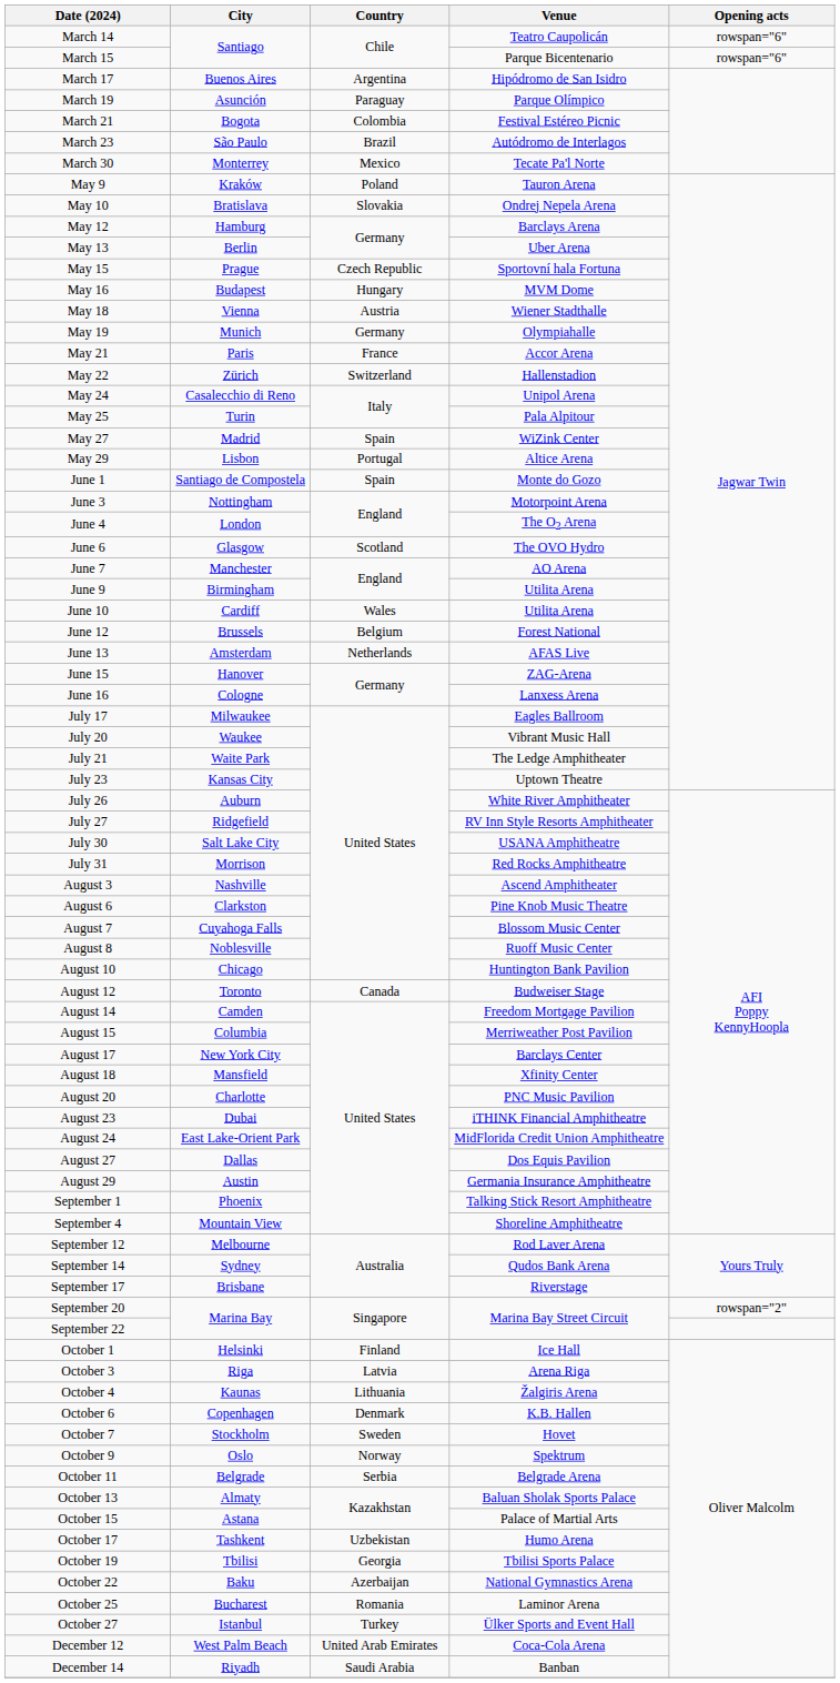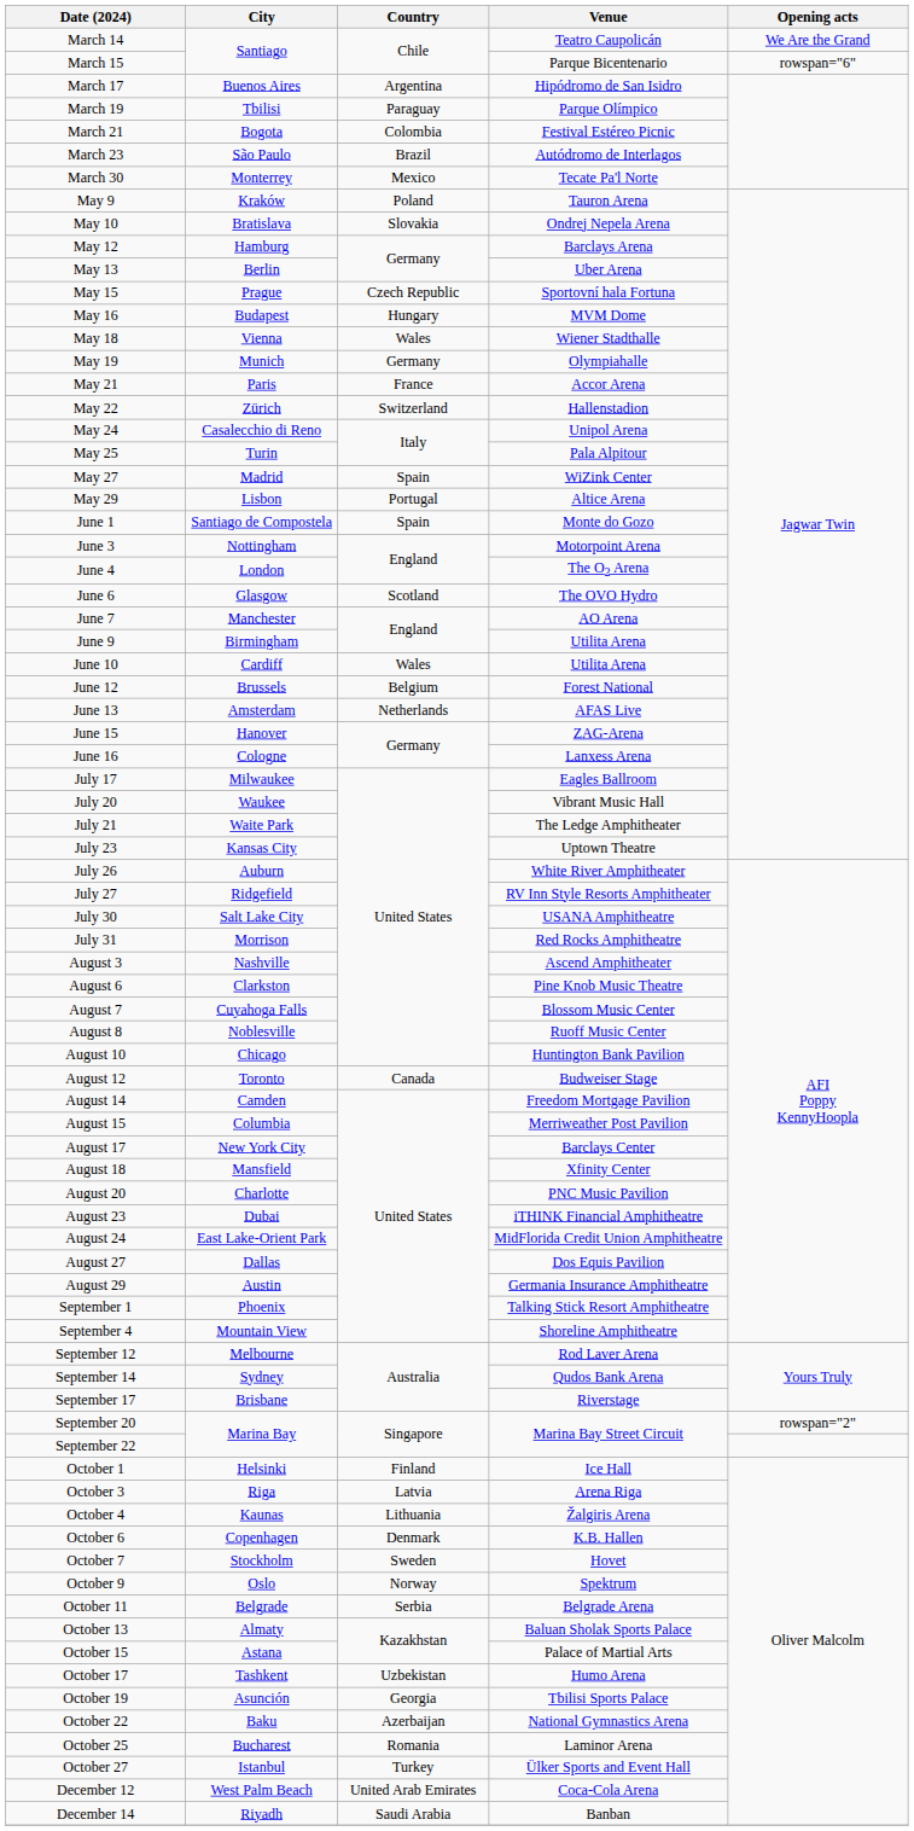 <table class="wikitable" style="text-align:center;">
 <tr>
 <th scope="col" style="width:12em;">Date (2024)</th>
 <th scope="col" style="width:10em;">City</th>
 <th scope="col" style="width:10em;">Country</th>
 <th scope="col" style="width:16em;">Venue</th>
 <th scope="col" style="width:12em;">Opening acts</th>
 </tr>
 <tr>
 <td>March 14</td>
 <td rowspan="2"><a href='#'>Santiago</a></td>
 <td rowspan="2">Chile</td>
 <td><a href='#'>Teatro Caupolicán</a></td>
-<td>rowspan="6" </td>
+<td><a href='#'>We Are the Grand</a></td>
 </tr>
 <tr>
 <td>March 15</td>
 <td>Parque Bicentenario</td>
 <td>rowspan="6" </td>
 </tr>
 <tr>
 <td>March 17</td>
 <td><a href='#'>Buenos Aires</a></td>
 <td>Argentina</td>
 <td><a href='#'>Hipódromo de San Isidro</a></td>
 </tr>
 <tr>
 <td>March 19</td>
-<td><a href='#'>Asunción</a></td>
+<td><a href='#'>Tbilisi</a></td>
 <td>Paraguay</td>
 <td><a href='#'>Parque Olímpico</a></td>
 </tr>
 <tr>
 <td>March 21</td>
 <td><a href='#'>Bogota</a></td>
 <td>Colombia</td>
 <td><a href='#'>Festival Estéreo Picnic</a></td>
 </tr>
 <tr>
 <td>March 23</td>
 <td><a href='#'>São Paulo</a></td>
 <td>Brazil</td>
 <td><a href='#'>Autódromo de Interlagos</a></td>
 </tr>
 <tr>
 <td>March 30</td>
 <td><a href='#'>Monterrey</a></td>
 <td>Mexico</td>
 <td><a href='#'>Tecate Pa'l Norte</a></td>
 </tr>
 <tr>
 <td>May 9</td>
 <td><a href='#'>Kraków</a></td>
 <td>Poland</td>
 <td><a href='#'>Tauron Arena</a></td>
 <td rowspan="29"><a href='#'>Jagwar Twin</a></td>
 </tr>
 <tr>
 <td>May 10</td>
 <td><a href='#'>Bratislava</a></td>
 <td>Slovakia</td>
 <td><a href='#'>Ondrej Nepela Arena</a></td>
 </tr>
 <tr>
 <td>May 12</td>
 <td><a href='#'>Hamburg</a></td>
 <td rowspan="2">Germany</td>
 <td><a href='#'>Barclays Arena</a></td>
 </tr>
 <tr>
 <td>May 13</td>
 <td><a href='#'>Berlin</a></td>
 <td><a href='#'>Uber Arena</a></td>
 </tr>
 <tr>
 <td>May 15</td>
 <td><a href='#'>Prague</a></td>
 <td>Czech Republic</td>
 <td><a href='#'>Sportovní hala Fortuna</a></td>
 </tr>
 <tr>
 <td>May 16</td>
 <td><a href='#'>Budapest</a></td>
 <td>Hungary</td>
 <td><a href='#'>MVM Dome</a></td>
 </tr>
 <tr>
 <td>May 18</td>
 <td><a href='#'>Vienna</a></td>
-<td>Austria</td>
+<td>Wales</td>
 <td><a href='#'>Wiener Stadthalle</a></td>
 </tr>
 <tr>
 <td>May 19</td>
 <td><a href='#'>Munich</a></td>
 <td>Germany</td>
 <td><a href='#'>Olympiahalle</a></td>
 </tr>
 <tr>
 <td>May 21</td>
 <td><a href='#'>Paris</a></td>
 <td>France</td>
 <td><a href='#'>Accor Arena</a></td>
 </tr>
 <tr>
 <td>May 22</td>
 <td><a href='#'>Zürich</a></td>
 <td>Switzerland</td>
 <td><a href='#'>Hallenstadion</a></td>
 </tr>
 <tr>
 <td>May 24</td>
 <td><a href='#'>Casalecchio di Reno</a></td>
 <td rowspan="2">Italy</td>
 <td><a href='#'>Unipol Arena</a></td>
 </tr>
 <tr>
 <td>May 25</td>
 <td><a href='#'>Turin</a></td>
 <td><a href='#'>Pala Alpitour</a></td>
 </tr>
 <tr>
 <td>May 27</td>
 <td><a href='#'>Madrid</a></td>
 <td>Spain</td>
 <td><a href='#'>WiZink Center</a></td>
 </tr>
 <tr>
 <td>May 29</td>
 <td><a href='#'>Lisbon</a></td>
 <td>Portugal</td>
 <td><a href='#'>Altice Arena</a></td>
 </tr>
 <tr>
 <td>June 1</td>
 <td><a href='#'>Santiago de Compostela</a></td>
 <td>Spain</td>
 <td><a href='#'>Monte do Gozo</a></td>
 </tr>
 <tr>
 <td>June 3</td>
 <td><a href='#'>Nottingham</a></td>
 <td rowspan="2">England</td>
 <td><a href='#'>Motorpoint Arena</a></td>
 </tr>
 <tr>
 <td>June 4</td>
 <td><a href='#'>London</a></td>
 <td><a href='#'>The O<sub>2</sub> Arena</a></td>
 </tr>
 <tr>
 <td>June 6</td>
 <td><a href='#'>Glasgow</a></td>
 <td>Scotland</td>
 <td><a href='#'>The OVO Hydro</a></td>
 </tr>
 <tr>
 <td>June 7</td>
 <td><a href='#'>Manchester</a></td>
 <td rowspan="2">England</td>
 <td><a href='#'>AO Arena</a></td>
 </tr>
 <tr>
 <td>June 9</td>
 <td><a href='#'>Birmingham</a></td>
 <td><a href='#'>Utilita Arena</a></td>
 </tr>
 <tr>
 <td>June 10</td>
 <td><a href='#'>Cardiff</a></td>
 <td>Wales</td>
 <td><a href='#'>Utilita Arena</a></td>
 </tr>
 <tr>
 <td>June 12</td>
 <td><a href='#'>Brussels</a></td>
 <td>Belgium</td>
 <td><a href='#'>Forest National</a></td>
 </tr>
 <tr>
 <td>June 13</td>
 <td><a href='#'>Amsterdam</a></td>
 <td>Netherlands</td>
 <td><a href='#'>AFAS Live</a></td>
 </tr>
 <tr>
 <td>June 15</td>
 <td><a href='#'>Hanover</a></td>
 <td rowspan="2">Germany</td>
 <td><a href='#'>ZAG-Arena</a></td>
 </tr>
 <tr>
 <td>June 16</td>
 <td><a href='#'>Cologne</a></td>
 <td><a href='#'>Lanxess Arena</a></td>
 </tr>
 <tr>
 <td>July 17</td>
 <td><a href='#'>Milwaukee</a></td>
 <td rowspan="13">United States</td>
 <td><a href='#'>Eagles Ballroom</a></td>
 </tr>
 <tr>
 <td>July 20</td>
 <td><a href='#'>Waukee</a></td>
 <td>Vibrant Music Hall</td>
 </tr>
 <tr>
 <td>July 21</td>
 <td><a href='#'>Waite Park</a></td>
 <td>The Ledge Amphitheater</td>
 </tr>
 <tr>
 <td>July 23</td>
 <td><a href='#'>Kansas City</a></td>
 <td>Uptown Theatre</td>
 </tr>
 <tr>
 <td>July 26</td>
 <td><a href='#'>Auburn</a></td>
 <td><a href='#'>White River Amphitheater</a></td>
 <td rowspan="21"><a href='#'>AFI</a><br><a href='#'>Poppy</a><br><a href='#'>KennyHoopla</a></td>
 </tr>
 <tr>
 <td>July 27</td>
 <td><a href='#'>Ridgefield</a></td>
 <td><a href='#'>RV Inn Style Resorts Amphitheater</a></td>
 </tr>
 <tr>
 <td>July 30</td>
 <td><a href='#'>Salt Lake City</a></td>
 <td><a href='#'>USANA Amphitheatre</a></td>
 </tr>
 <tr>
 <td>July 31</td>
 <td><a href='#'>Morrison</a></td>
 <td><a href='#'>Red Rocks Amphitheatre</a></td>
 </tr>
 <tr>
 <td>August 3</td>
 <td><a href='#'>Nashville</a></td>
 <td><a href='#'>Ascend Amphitheater</a></td>
 </tr>
 <tr>
 <td>August 6</td>
 <td><a href='#'>Clarkston</a></td>
 <td><a href='#'>Pine Knob Music Theatre</a></td>
 </tr>
 <tr>
 <td>August 7</td>
 <td><a href='#'>Cuyahoga Falls</a></td>
 <td><a href='#'>Blossom Music Center</a></td>
 </tr>
 <tr>
 <td>August 8</td>
 <td><a href='#'>Noblesville</a></td>
 <td><a href='#'>Ruoff Music Center</a></td>
 </tr>
 <tr>
 <td>August 10</td>
 <td><a href='#'>Chicago</a></td>
 <td><a href='#'>Huntington Bank Pavilion</a></td>
 </tr>
 <tr>
 <td>August 12</td>
 <td><a href='#'>Toronto</a></td>
 <td>Canada</td>
 <td><a href='#'>Budweiser Stage</a></td>
 </tr>
 <tr>
 <td>August 14</td>
 <td><a href='#'>Camden</a></td>
 <td rowspan="11">United States</td>
 <td><a href='#'>Freedom Mortgage Pavilion</a></td>
 </tr>
 <tr>
 <td>August 15</td>
 <td><a href='#'>Columbia</a></td>
 <td><a href='#'>Merriweather Post Pavilion</a></td>
 </tr>
 <tr>
 <td>August 17</td>
 <td><a href='#'>New York City</a></td>
 <td><a href='#'>Barclays Center</a></td>
 </tr>
 <tr>
 <td>August 18</td>
 <td><a href='#'>Mansfield</a></td>
 <td><a href='#'>Xfinity Center</a></td>
 </tr>
 <tr>
 <td>August 20</td>
 <td><a href='#'>Charlotte</a></td>
 <td><a href='#'>PNC Music Pavilion</a></td>
 </tr>
 <tr>
 <td>August 23</td>
 <td><a href='#'>Dubai</a></td>
 <td><a href='#'>iTHINK Financial Amphitheatre</a></td>
 </tr>
 <tr>
 <td>August 24</td>
 <td><a href='#'>East Lake-Orient Park</a></td>
 <td><a href='#'>MidFlorida Credit Union Amphitheatre</a></td>
 </tr>
 <tr>
 <td>August 27</td>
 <td><a href='#'>Dallas</a></td>
 <td><a href='#'>Dos Equis Pavilion</a></td>
 </tr>
 <tr>
 <td>August 29</td>
 <td><a href='#'>Austin</a></td>
 <td><a href='#'>Germania Insurance Amphitheatre</a></td>
 </tr>
 <tr>
 <td>September 1</td>
 <td><a href='#'>Phoenix</a></td>
 <td><a href='#'>Talking Stick Resort Amphitheatre</a></td>
 </tr>
 <tr>
 <td>September 4</td>
 <td><a href='#'>Mountain View</a></td>
 <td><a href='#'>Shoreline Amphitheatre</a></td>
 </tr>
 <tr>
 <td>September 12</td>
 <td><a href='#'>Melbourne</a></td>
 <td rowspan="3">Australia</td>
 <td><a href='#'>Rod Laver Arena</a></td>
 <td rowspan="3"><a href='#'>Yours Truly</a></td>
 </tr>
 <tr>
 <td>September 14</td>
 <td><a href='#'>Sydney</a></td>
 <td><a href='#'>Qudos Bank Arena</a></td>
 </tr>
 <tr>
 <td>September 17</td>
 <td><a href='#'>Brisbane</a></td>
 <td><a href='#'>Riverstage</a></td>
 </tr>
 <tr>
 <td>September 20</td>
 <td rowspan="2"><a href='#'>Marina Bay</a></td>
 <td rowspan="2">Singapore</td>
 <td rowspan="2"><a href='#'>Marina Bay Street Circuit</a></td>
 <td>rowspan="2" </td>
 </tr>
 <tr>
 <td>September 22</td>
 </tr>
 <tr>
 <td>October 1</td>
 <td><a href='#'>Helsinki</a></td>
 <td>Finland</td>
 <td><a href='#'>Ice Hall</a></td>
 <td rowspan="16">Oliver Malcolm</td>
 </tr>
 <tr>
 <td>October 3</td>
 <td><a href='#'>Riga</a></td>
 <td>Latvia</td>
 <td><a href='#'>Arena Riga</a></td>
 </tr>
 <tr>
 <td>October 4</td>
 <td><a href='#'>Kaunas</a></td>
 <td>Lithuania</td>
 <td><a href='#'>Žalgiris Arena</a></td>
 </tr>
 <tr>
 <td>October 6</td>
 <td><a href='#'>Copenhagen</a></td>
 <td>Denmark</td>
 <td><a href='#'>K.B. Hallen</a></td>
 </tr>
 <tr>
 <td>October 7</td>
 <td><a href='#'>Stockholm</a></td>
 <td>Sweden</td>
 <td><a href='#'>Hovet</a></td>
 </tr>
 <tr>
 <td>October 9</td>
 <td><a href='#'>Oslo</a></td>
 <td>Norway</td>
 <td><a href='#'>Spektrum</a></td>
 </tr>
 <tr>
 <td>October 11</td>
 <td><a href='#'>Belgrade</a></td>
 <td>Serbia</td>
 <td><a href='#'>Belgrade Arena</a></td>
 </tr>
 <tr>
 <td>October 13</td>
 <td><a href='#'>Almaty</a></td>
 <td rowspan="2">Kazakhstan</td>
 <td><a href='#'>Baluan Sholak Sports Palace</a></td>
 </tr>
 <tr>
 <td>October 15</td>
 <td><a href='#'>Astana</a></td>
 <td>Palace of Martial Arts</td>
 </tr>
 <tr>
 <td>October 17</td>
 <td><a href='#'>Tashkent</a></td>
 <td>Uzbekistan</td>
 <td><a href='#'>Humo Arena</a></td>
 </tr>
 <tr>
 <td>October 19</td>
-<td><a href='#'>Tbilisi</a></td>
+<td><a href='#'>Asunción</a></td>
 <td>Georgia</td>
 <td><a href='#'>Tbilisi Sports Palace</a></td>
 </tr>
 <tr>
 <td>October 22</td>
 <td><a href='#'>Baku</a></td>
 <td>Azerbaijan</td>
 <td><a href='#'>National Gymnastics Arena</a></td>
 </tr>
 <tr>
 <td>October 25</td>
 <td><a href='#'>Bucharest</a></td>
 <td>Romania</td>
 <td>Laminor Arena</td>
 </tr>
 <tr>
 <td>October 27</td>
 <td><a href='#'>Istanbul</a></td>
 <td>Turkey</td>
 <td><a href='#'>Ülker Sports and Event Hall</a></td>
 </tr>
 <tr>
 <td>December 12</td>
 <td><a href='#'>West Palm Beach</a></td>
 <td>United Arab Emirates</td>
 <td><a href='#'>Coca-Cola Arena</a></td>
 </tr>
 <tr>
 <td>December 14</td>
 <td><a href='#'>Riyadh</a></td>
 <td>Saudi Arabia</td>
 <td>Banban</td>
 </tr>
 <tr>
 </tr>
 </table>
